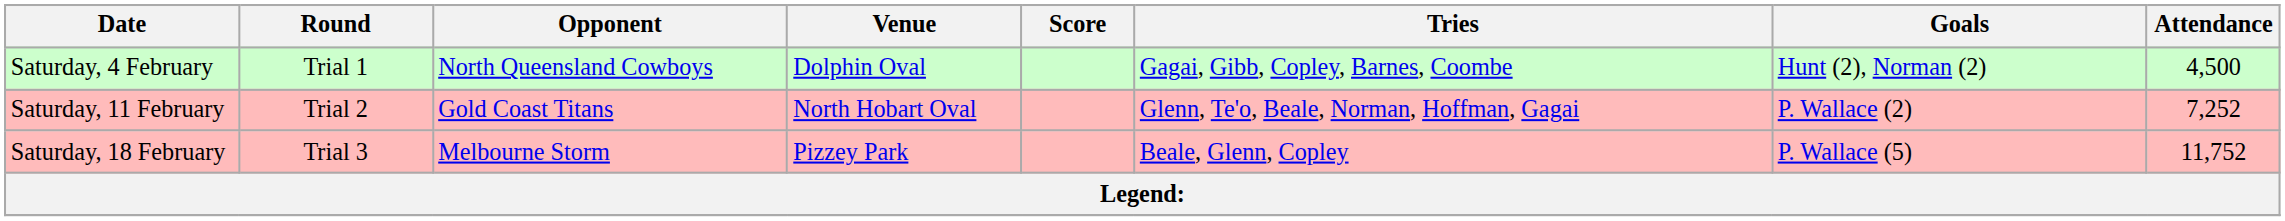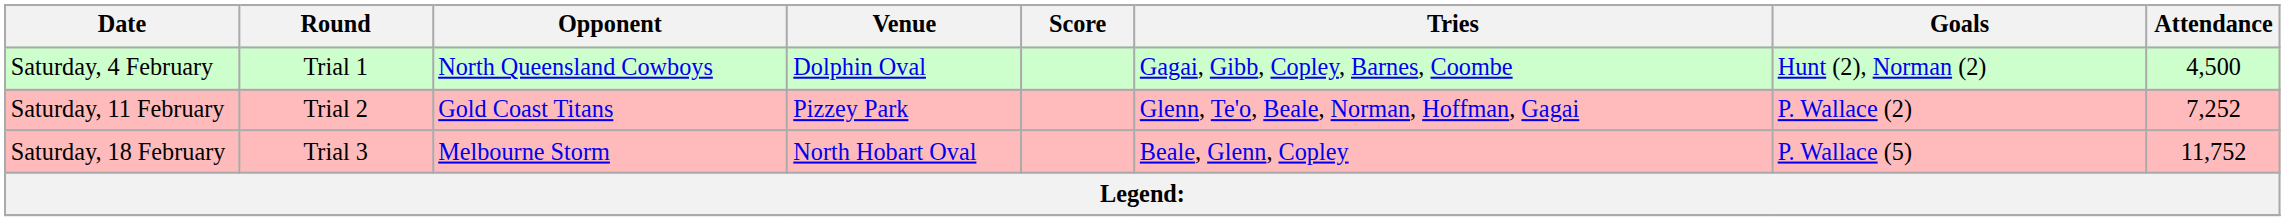 <table class="wikitable" style="font-size:75%;">
 <tr>
 <th width="110">Date</th>
 <th width="90">Round</th>
 <th width="170">Opponent</th>
 <th width="110">Venue</th>
 <th width="50">Score</th>
 <th width="310">Tries</th>
 <th width="180">Goals</th>
 <th width="60">Attendance</th>
 </tr>
 <tr bgcolor=#CCFFCC>
 <td>Saturday, 4 February</td>
 <td style="text-align:center;">Trial 1</td>
 <td> <a href='#'>North Queensland Cowboys</a></td>
 <td><a href='#'>Dolphin Oval</a></td>
 <td style="text-align:center;"></td>
 <td><a href='#'>Gagai</a>, <a href='#'>Gibb</a>, <a href='#'>Copley</a>, <a href='#'>Barnes</a>, <a href='#'>Coombe</a></td>
 <td><a href='#'>Hunt</a> (2), <a href='#'>Norman</a> (2)</td>
 <td style="text-align:center;">4,500</td>
 </tr>
 <tr bgcolor=#FFBBBB>
 <td>Saturday, 11 February</td>
 <td style="text-align:center;">Trial 2</td>
 <td> <a href='#'>Gold Coast Titans</a></td>
-<td><a href='#'>North Hobart Oval</a></td>
+<td><a href='#'>Pizzey Park</a></td>
 <td style="text-align:center;"></td>
 <td><a href='#'>Glenn</a>, <a href='#'>Te'o</a>, <a href='#'>Beale</a>, <a href='#'>Norman</a>, <a href='#'>Hoffman</a>, <a href='#'>Gagai</a></td>
 <td><a href='#'>P. Wallace</a> (2)</td>
 <td style="text-align:center;">7,252</td>
 </tr>
 <tr bgcolor=#FFBBBB>
 <td>Saturday, 18 February</td>
 <td style="text-align:center;">Trial 3</td>
 <td> <a href='#'>Melbourne Storm</a></td>
-<td><a href='#'>Pizzey Park</a></td>
+<td><a href='#'>North Hobart Oval</a></td>
 <td style="text-align:center;"></td>
 <td><a href='#'>Beale</a>, <a href='#'>Glenn</a>, <a href='#'>Copley</a></td>
 <td><a href='#'>P. Wallace</a> (5)</td>
 <td style="text-align:center;">11,752</td>
 </tr>
 <tr>
 <th colspan="11"><strong>Legend</strong>:   </th>
 </tr>
 <tr>
 </tr>
 </table>
